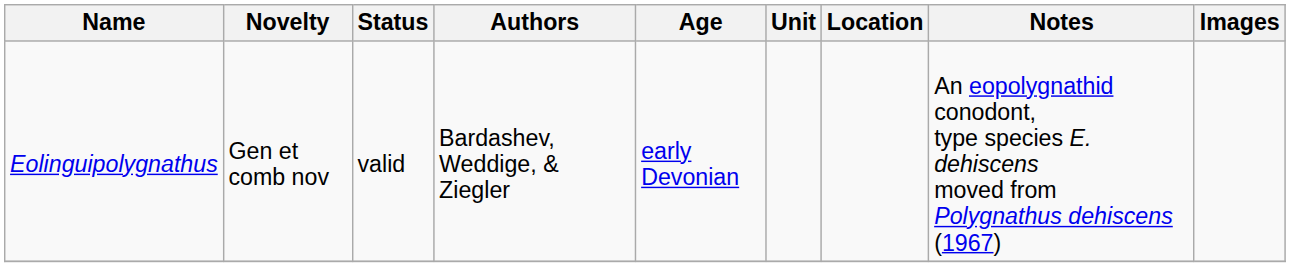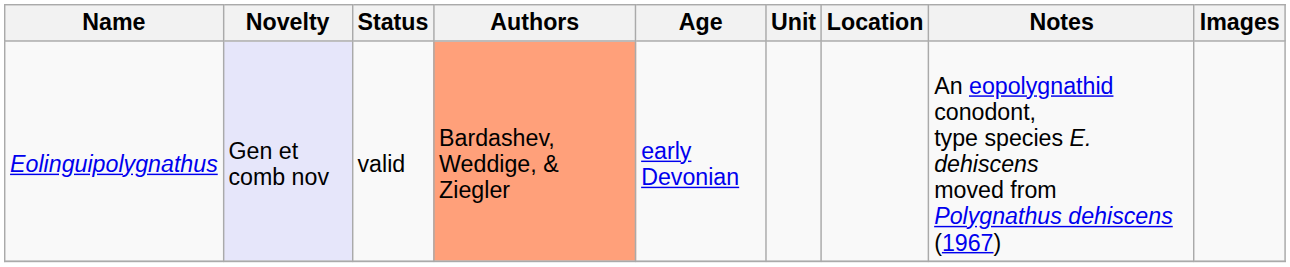 <table class="wikitable sortable" align="center" width="100%">
 <tr>
 <th>Name</th>
 <th>Novelty</th>
 <th>Status</th>
 <th>Authors</th>
 <th>Age</th>
 <th>Unit</th>
 <th>Location</th>
 <th>Notes</th>
 <th>Images</th>
 </tr>
 <tr>
 <td><br><em><a href='#'>Eolinguipolygnathus</a></em></td>
-<td><br>Gen et comb nov</td>
+<td style="background: lavender;"><br>Gen et comb nov</td>
 <td><br>valid</td>
-<td><br>Bardashev, Weddige, & Ziegler</td>
+<td style="background: lightsalmon;"><br>Bardashev, Weddige, & Ziegler</td>
 <td><br><a href='#'>early Devonian</a></td>
 <td></td>
 <td></td>
 <td><br>An <a href='#'>eopolygnathid</a> conodont,<br> type species <em>E. dehiscens</em><br> moved from <em><a href='#'>Polygnathus dehiscens</a></em> (<a href='#'>1967</a>)</td>
 <td></td>
 </tr>
 <tr>
 </tr>
 </table>
